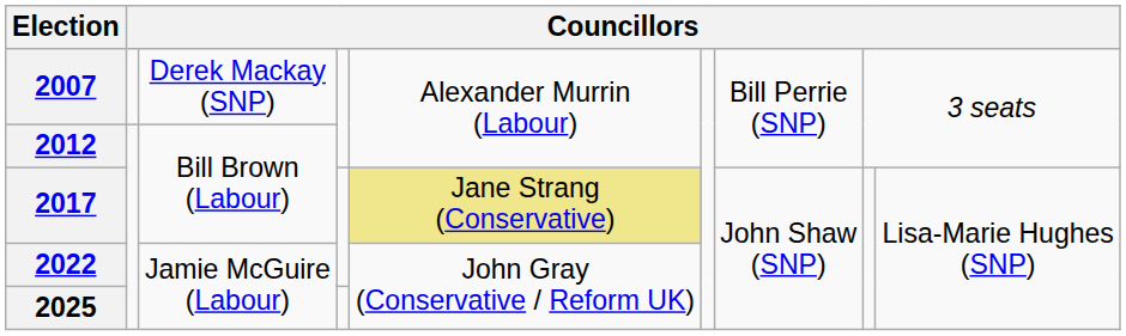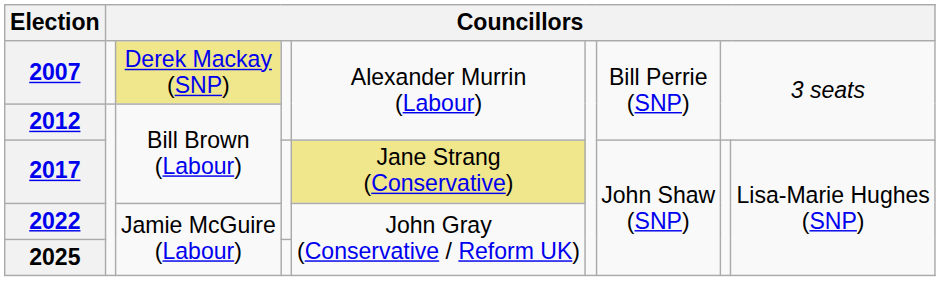 <table class="wikitable" style="text-align:center">
 <tr>
 <th>Election</th>
 <th colspan=8>Councillors</th>
 </tr>
 <tr>
 <th><a href='#'>2007</a></th>
 <td rowspan=1 style="color:inherit;background-color: "></td>
-<td rowspan=1><a href='#'>Derek Mackay</a><br>(<a href='#'>SNP</a>)</td>
+<td rowspan=1 style="background: khaki;"><a href='#'>Derek Mackay</a><br>(<a href='#'>SNP</a>)</td>
 <td rowspan=2 style="color:inherit;background-color: "></td>
 <td rowspan=2>Alexander Murrin<br>(<a href='#'>Labour</a>)</td>
 <td rowspan=5 style="color:inherit;background-color: "></td>
 <td rowspan=2>Bill Perrie<br>(<a href='#'>SNP</a>)</td>
 <td rowspan=2; colspan=2><em>3 seats</em></td>
 </tr>
 <tr>
 <th><a href='#'>2012</a></th>
 <td rowspan=4 style="color:inherit;background-color: "></td>
 <td rowspan=2>Bill Brown<br>(<a href='#'>Labour</a>)</td>
 </tr>
 <tr>
 <th><a href='#'>2017</a></th>
 <td rowspan=2 style="color:inherit;background-color: "></td>
 <td rowspan=1 style="background: khaki;">Jane Strang<br>(<a href='#'>Conservative</a>)</td>
 <td rowspan=3>John Shaw<br>(<a href='#'>SNP</a>)</td>
 <td rowspan=3 style="color:inherit;background-color: "></td>
 <td rowspan=3>Lisa-Marie Hughes<br>(<a href='#'>SNP</a>)</td>
 </tr>
 <tr>
 <th><a href='#'>2022</a></th>
 <td rowspan=2>Jamie McGuire<br>(<a href='#'>Labour</a>)</td>
 <td rowspan=2>John Gray<br>(<a href='#'>Conservative</a> / <a href='#'>Reform UK</a>)</td>
 </tr>
 <tr>
 <th>2025</th>
 <td rowspan=2 style="color:inherit;background-color: "></td>
 </tr>
 </table>
